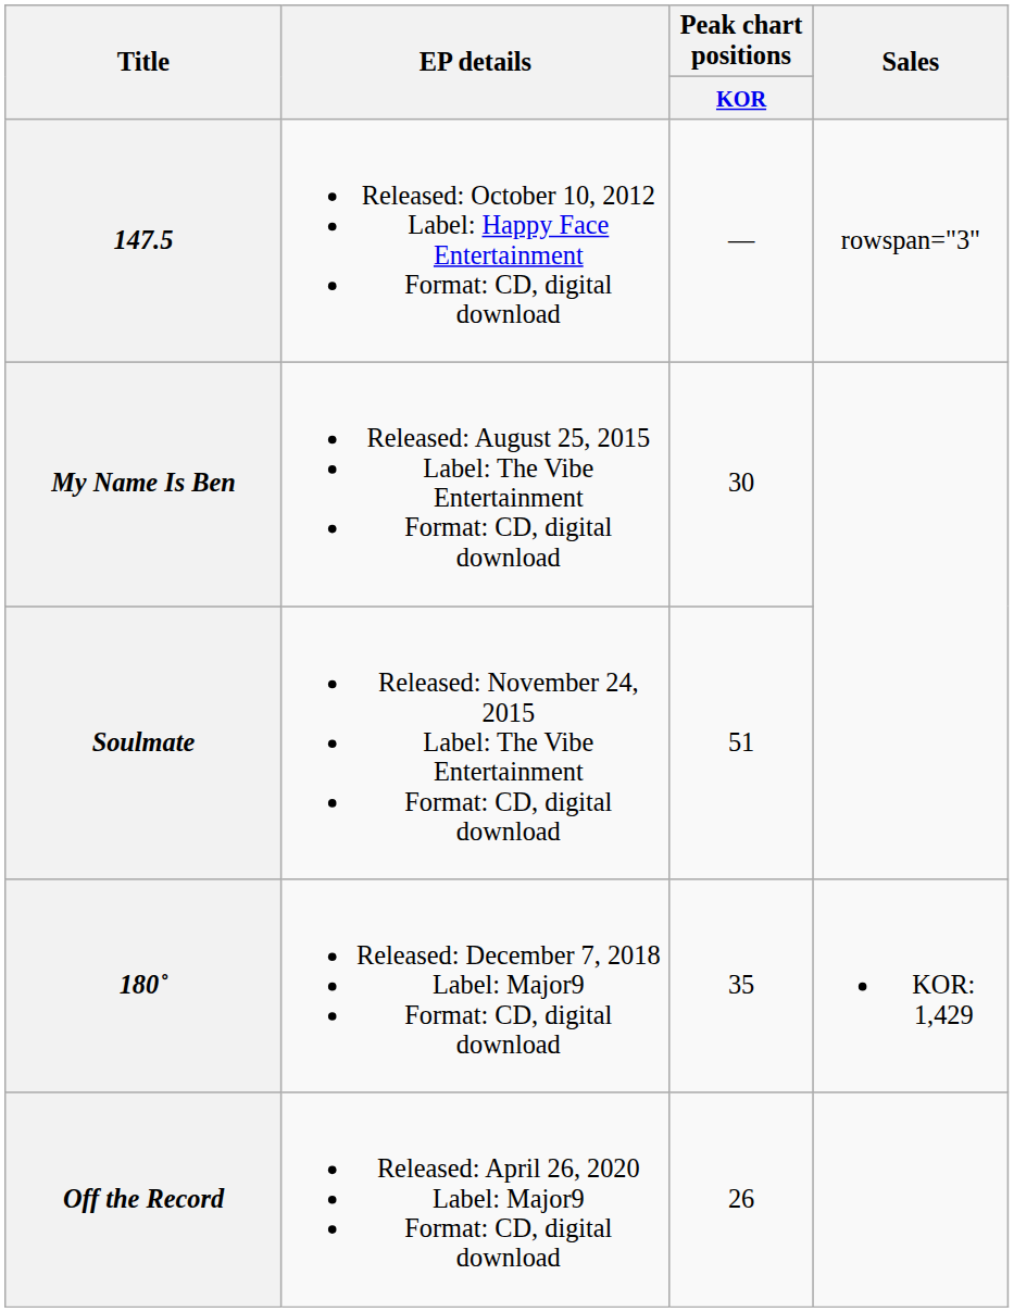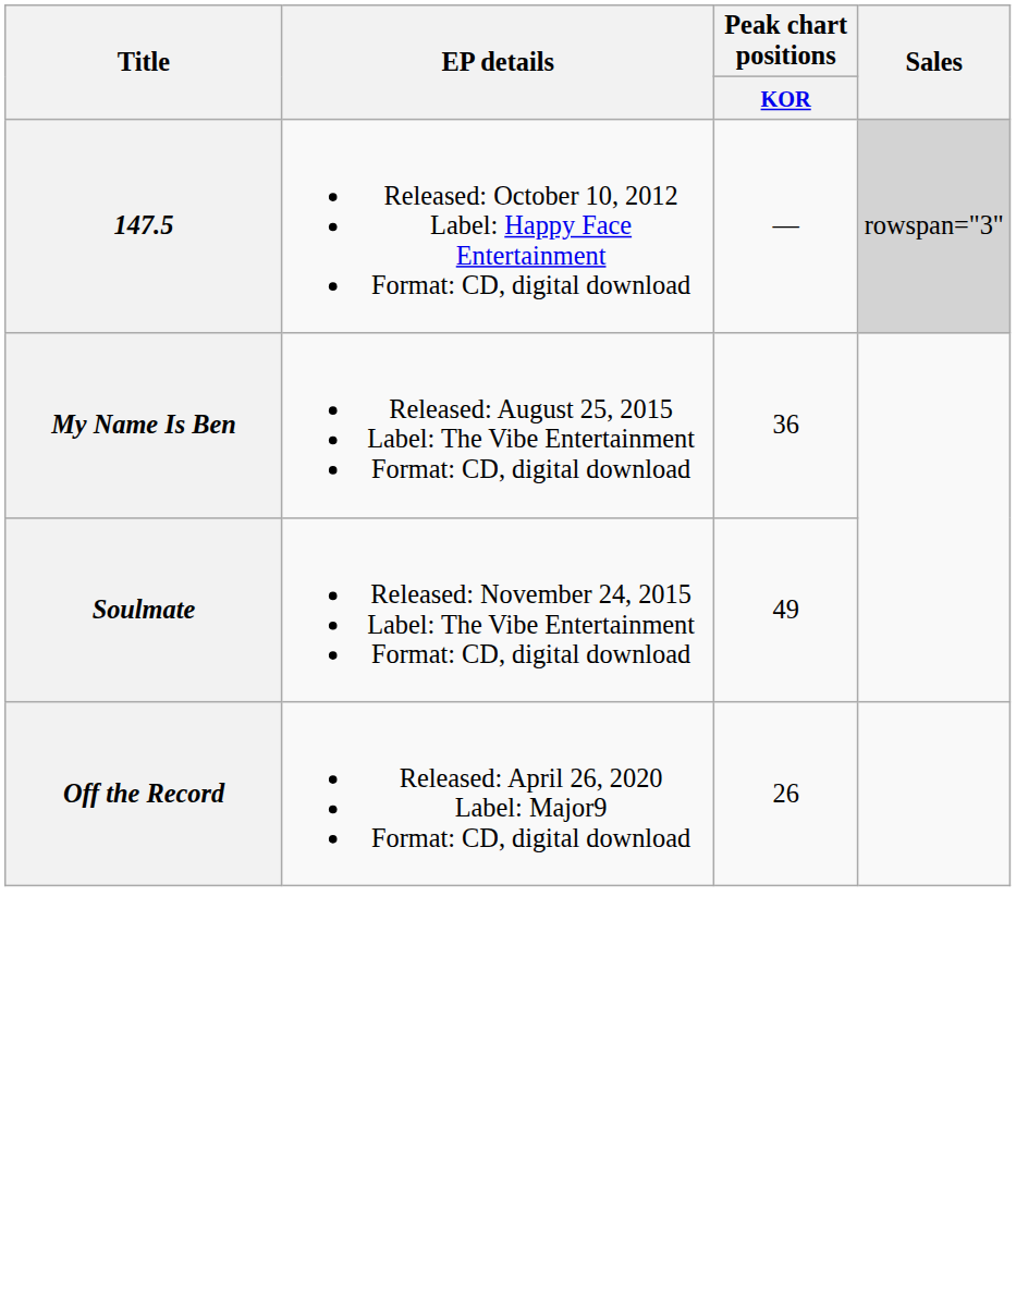 <table class="wikitable plainrowheaders" style="text-align:center;">
 <tr>
 <th scope="col" rowspan="2" style="width:10em;">Title</th>
 <th scope="col" rowspan="2">EP details</th>
 <th scope="col" colspan="1" style="width:5em;">Peak chart positions</th>
 <th scope="col" rowspan="2">Sales</th>
 </tr>
 <tr>
 <th><small><a href='#'>KOR</a></small><br></th>
 </tr>
 <tr>
 <th scope="row"><em>147.5</em></th>
 <td><br><ul><li>Released: October 10, 2012</li><li>Label: <a href='#'>Happy Face Entertainment</a></li><li>Format: CD, digital download</li></ul></td>
 <td>—</td>
-<td>rowspan="3" </td>
+<td style="background: lightgrey;">rowspan="3" </td>
 </tr>
 <tr>
 <th scope="row"><em>My Name Is Ben</em></th>
 <td><br><ul><li>Released: August 25, 2015</li><li>Label: The Vibe Entertainment</li><li>Format: CD, digital download</li></ul></td>
-<td>30</td>
+<td>36</td>
 </tr>
 <tr>
 <th scope="row"><em>Soulmate</em></th>
 <td><br><ul><li>Released: November 24, 2015</li><li>Label: The Vibe Entertainment</li><li>Format: CD, digital download</li></ul></td>
-<td>51</td>
-</tr>
-<tr>
-<th scope="row"><em>180˚</em></th>
-<td><br><ul><li>Released: December 7, 2018</li><li>Label: Major9</li><li>Format: CD, digital download</li></ul></td>
-<td>35</td>
-<td><br><ul><li>KOR: 1,429</li></ul></td>
+<td>49</td>
 </tr>
 <tr>
 <th scope="row"><em>Off the Record</em></th>
 <td><br><ul><li>Released: April 26, 2020</li><li>Label: Major9</li><li>Format: CD, digital download</li></ul></td>
 <td>26</td>
 <td></td>
 </tr>
 </table>
